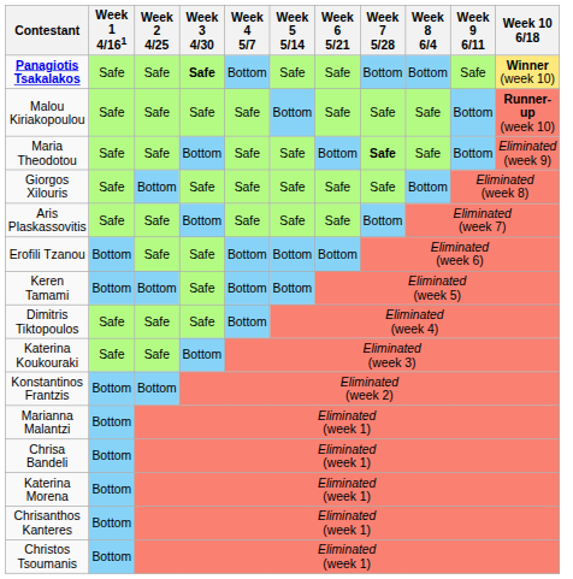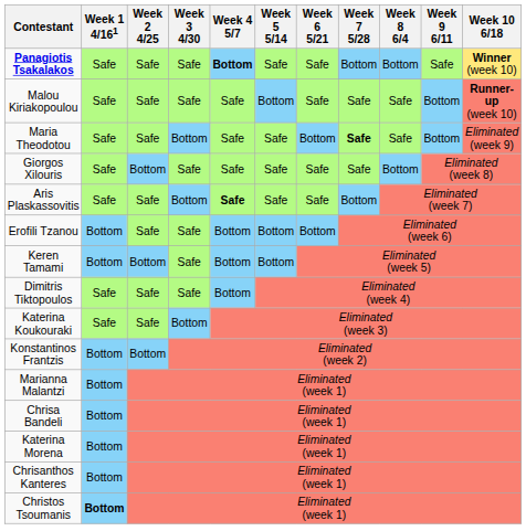 <table class="wikitable" style="margin:1em auto; text-align:center; font-size:95%">
 <tr>
 <th style="width:18%">Contestant</th>
 <th style="width:8%">Week 1 <br> 4/16<sup><strong>1</strong></sup></th>
 <th style="width:8%">Week 2 <br> 4/25</th>
 <th style="width:8%">Week 3 <br> 4/30</th>
 <th style="width:8%">Week 4 <br> 5/7</th>
 <th style="width:8%">Week 5 <br> 5/14</th>
 <th style="width:8%">Week 6 <br> 5/21</th>
 <th style="width:8%">Week 7 <br> 5/28</th>
 <th style="width:8%">Week 8 <br> 6/4</th>
 <th style="width:8%">Week 9 <br> 6/11</th>
 <th style="width:8%">Week 10 <br> 6/18</th>
 </tr>
 <tr>
 <td><strong><a href='#'>Panagiotis Tsakalakos</a></strong></td>
 <td style="background:#B4FB84">Safe</td>
 <td style="background:#B4FB84">Safe</td>
-<td style="background:#B4FB84"><strong>Safe</strong></td>
-<td style="background:#87D3F8">Bottom</td>
+<td style="background:#B4FB84">Safe</td>
+<td style="background:#87D3F8"><strong>Bottom</strong></td>
 <td style="background:#B4FB84">Safe</td>
 <td style="background:#B4FB84">Safe</td>
 <td style="background:#87D3F8">Bottom</td>
 <td style="background:#87D3F8">Bottom</td>
 <td style="background:#B4FB84">Safe</td>
 <td style="background:#FFE87C"><strong>Winner</strong><br>(week 10)</td>
 </tr>
 <tr>
 <td>Malou Kiriakopoulou</td>
 <td style="background:#B4FB84">Safe</td>
 <td style="background:#B4FB84">Safe</td>
 <td style="background:#B4FB84">Safe</td>
 <td style="background:#B4FB84">Safe</td>
 <td style="background:#87D3F8">Bottom</td>
 <td style="background:#B4FB84">Safe</td>
 <td style="background:#B4FB84">Safe</td>
 <td style="background:#B4FB84">Safe</td>
 <td style="background:#87D3F8">Bottom</td>
 <td style="background:#FA8072"><strong>Runner-up</strong><br>(week 10)</td>
 </tr>
 <tr>
 <td>Maria Theodotou</td>
 <td style="background:#B4FB84">Safe</td>
 <td style="background:#B4FB84">Safe</td>
 <td style="background:#87D3F8">Bottom</td>
 <td style="background:#B4FB84">Safe</td>
 <td style="background:#B4FB84">Safe</td>
 <td style="background:#87D3F8">Bottom</td>
 <td style="background:#B4FB84"><strong>Safe</strong></td>
 <td style="background:#B4FB84">Safe</td>
 <td style="background:#87D3F8">Bottom</td>
 <td style="background:#FA8072" colspan="3"><em>Eliminated</em><br>(week 9)</td>
 </tr>
 <tr>
 <td>Giorgos Xilouris</td>
 <td style="background:#B4FB84">Safe</td>
 <td style="background:#87D3F8">Bottom</td>
 <td style="background:#B4FB84">Safe</td>
 <td style="background:#B4FB84">Safe</td>
 <td style="background:#B4FB84">Safe</td>
 <td style="background:#B4FB84">Safe</td>
 <td style="background:#B4FB84">Safe</td>
 <td style="background:#87D3F8">Bottom</td>
 <td style="background:#FA8072" colspan="3"><em>Eliminated</em><br>(week 8)</td>
 </tr>
 <tr>
 <td>Aris Plaskassovitis</td>
 <td style="background:#B4FB84">Safe</td>
 <td style="background:#B4FB84">Safe</td>
 <td style="background:#87D3F8">Bottom</td>
-<td style="background:#B4FB84">Safe</td>
+<td style="background:#B4FB84"><strong>Safe</strong></td>
 <td style="background:#B4FB84">Safe</td>
 <td style="background:#B4FB84">Safe</td>
 <td style="background:#87D3F8">Bottom</td>
 <td style="background:#FA8072" colspan="3"><em>Eliminated</em><br>(week 7)</td>
 </tr>
 <tr>
 <td>Erofili Tzanou</td>
 <td style="background:#87D3F8">Bottom</td>
 <td style="background:#B4FB84">Safe</td>
 <td style="background:#B4FB84">Safe</td>
 <td style="background:#87D3F8">Bottom</td>
 <td style="background:#87D3F8">Bottom</td>
 <td style="background:#87D3F8">Bottom</td>
 <td style="background:#FA8072" colspan="4"><em>Eliminated</em><br>(week 6)</td>
 </tr>
 <tr>
 <td>Keren Tamami</td>
 <td style="background:#87D3F8">Bottom</td>
 <td style="background:#87D3F8">Bottom</td>
 <td style="background:#B4FB84">Safe</td>
 <td style="background:#87D3F8">Bottom</td>
 <td style="background:#87D3F8">Bottom</td>
 <td style="background:#FA8072" colspan="5"><em>Eliminated</em><br>(week 5)</td>
 </tr>
 <tr>
 <td>Dimitris Tiktopoulos</td>
 <td style="background:#B4FB84">Safe</td>
 <td style="background:#B4FB84">Safe</td>
 <td style="background:#B4FB84">Safe</td>
 <td style="background:#87D3F8">Bottom</td>
 <td style="background:#FA8072" colspan="6"><em>Eliminated</em><br>(week 4)</td>
 </tr>
 <tr>
 <td>Katerina Koukouraki</td>
 <td style="background:#B4FB84">Safe</td>
 <td style="background:#B4FB84">Safe</td>
 <td style="background:#87D3F8">Bottom</td>
 <td style="background:#FA8072" colspan="7"><em>Eliminated</em><br>(week 3)</td>
 </tr>
 <tr>
 <td>Konstantinos Frantzis</td>
 <td style="background:#87D3F8">Bottom</td>
 <td style="background:#87D3F8">Bottom</td>
 <td style="background:#FA8072" colspan="8"><em>Eliminated</em><br>(week 2)</td>
 </tr>
 <tr>
 <td>Marianna Malantzi</td>
 <td style="background:#87D3F8">Bottom</td>
 <td style="background:#FA8072" colspan="9"><em>Eliminated</em><br>(week 1)</td>
 </tr>
 <tr>
 <td>Chrisa Bandeli</td>
 <td style="background:#87D3F8">Bottom</td>
 <td style="background:#FA8072" colspan="9"><em>Eliminated</em><br>(week 1)</td>
 </tr>
 <tr>
 <td>Katerina Morena</td>
 <td style="background:#87D3F8">Bottom</td>
 <td style="background:#FA8072" colspan="9"><em>Eliminated</em><br>(week 1)</td>
 </tr>
 <tr>
 <td>Chrisanthos Kanteres</td>
 <td style="background:#87D3F8">Bottom</td>
 <td style="background:#FA8072" colspan="9"><em>Eliminated</em><br>(week 1)</td>
 </tr>
 <tr>
 <td>Christos Tsoumanis</td>
-<td style="background:#87D3F8">Bottom</td>
+<td style="background:#87D3F8"><strong>Bottom</strong></td>
 <td style="background:#FA8072" colspan="9"><em>Eliminated</em><br>(week 1)</td>
 </tr>
 </table>
